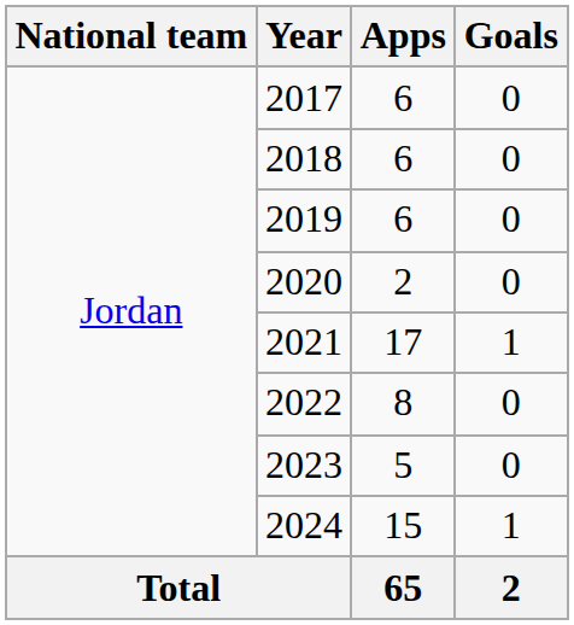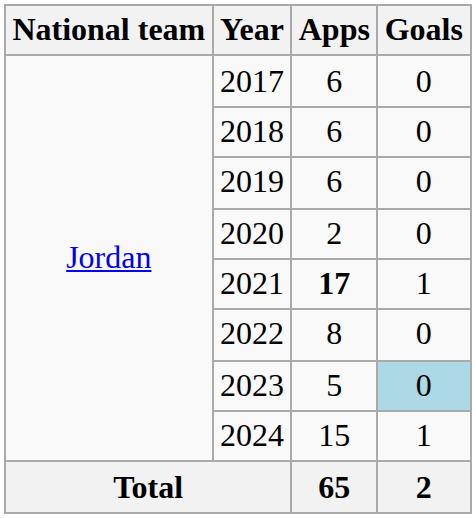 <table class="wikitable" style="text-align:center">
 <tr>
 <th>National team</th>
 <th>Year</th>
 <th>Apps</th>
 <th>Goals</th>
 </tr>
 <tr>
 <td rowspan="8"><a href='#'>Jordan</a></td>
 <td>2017</td>
 <td>6</td>
 <td>0</td>
 </tr>
 <tr>
 <td>2018</td>
 <td>6</td>
 <td>0</td>
 </tr>
 <tr>
 <td>2019</td>
 <td>6</td>
 <td>0</td>
 </tr>
 <tr>
 <td>2020</td>
 <td>2</td>
 <td>0</td>
 </tr>
 <tr>
 <td>2021</td>
-<td>17</td>
+<td><strong>17</strong></td>
 <td>1</td>
 </tr>
 <tr>
 <td>2022</td>
 <td>8</td>
 <td>0</td>
 </tr>
 <tr>
 <td>2023</td>
 <td>5</td>
-<td>0</td>
+<td style="background: lightblue;">0</td>
 </tr>
 <tr>
 <td>2024</td>
 <td>15</td>
 <td>1</td>
 </tr>
 <tr>
 <th colspan="2">Total</th>
 <th>65</th>
 <th>2</th>
 </tr>
 </table>
